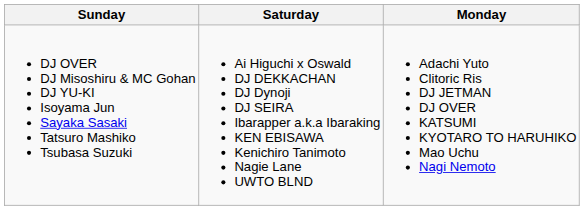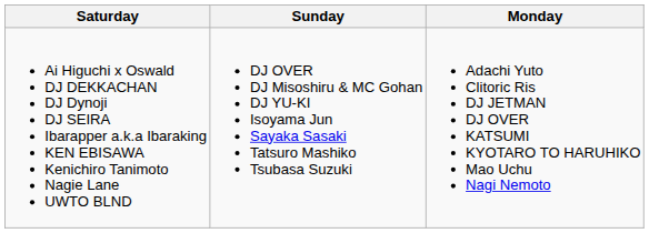 <table class="wikitable">
 <tr>
+<th>Saturday</th>
 <th>Sunday</th>
-<th>Saturday</th>
 <th>Monday</th>
 </tr>
 <tr valign="top">
+<td><br><ul><li>Ai Higuchi x Oswald</li><li>DJ DEKKACHAN</li><li>DJ Dynoji</li><li>DJ SEIRA</li><li>Ibarapper a.k.a Ibaraking</li><li>KEN EBISAWA</li><li>Kenichiro Tanimoto</li><li>Nagie Lane</li><li>UWTO BLND</li></ul></td>
 <td><br><ul><li>DJ OVER</li><li>DJ Misoshiru & MC Gohan</li><li>DJ YU-KI</li><li>Isoyama Jun</li><li><a href='#'>Sayaka Sasaki</a></li><li>Tatsuro Mashiko</li><li>Tsubasa Suzuki</li></ul></td>
-<td><br><ul><li>Ai Higuchi x Oswald</li><li>DJ DEKKACHAN</li><li>DJ Dynoji</li><li>DJ SEIRA</li><li>Ibarapper a.k.a Ibaraking</li><li>KEN EBISAWA</li><li>Kenichiro Tanimoto</li><li>Nagie Lane</li><li>UWTO BLND</li></ul></td>
 <td><br><ul><li>Adachi Yuto</li><li>Clitoric Ris</li><li>DJ JETMAN</li><li>DJ OVER</li><li>KATSUMI</li><li>KYOTARO TO HARUHIKO</li><li>Mao Uchu</li><li><a href='#'>Nagi Nemoto</a></li></ul></td>
 </tr>
 </table>
